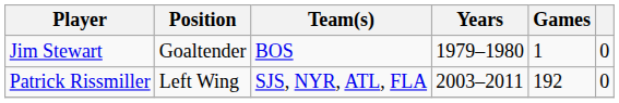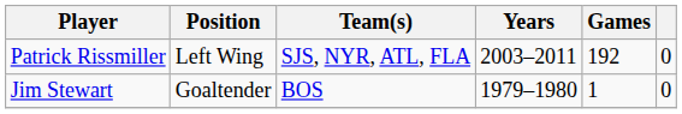 <table class="wikitable" width= %>
 <tr>
 <th>Player</th>
 <th>Position</th>
 <th>Team(s)</th>
 <th>Years</th>
 <th>Games</th>
 <th><a href='#'></a></th>
 </tr>
 <tr>
+<td><a href='#'>Patrick Rissmiller</a></td>
+<td>Left Wing</td>
+<td><a href='#'>SJS</a>, <a href='#'>NYR</a>, <a href='#'>ATL</a>, <a href='#'>FLA</a></td>
+<td>2003–2011</td>
+<td>192</td>
+<td>0</td>
+</tr>
+<tr>
 <td><a href='#'>Jim Stewart</a></td>
 <td>Goaltender</td>
 <td><a href='#'>BOS</a></td>
 <td>1979–1980</td>
 <td>1</td>
 <td>0</td>
 </tr>
 <tr>
-<td><a href='#'>Patrick Rissmiller</a></td>
-<td>Left Wing</td>
-<td><a href='#'>SJS</a>, <a href='#'>NYR</a>, <a href='#'>ATL</a>, <a href='#'>FLA</a></td>
-<td>2003–2011</td>
-<td>192</td>
-<td>0</td>
-</tr>
-<tr>
 </tr>
 </table>
